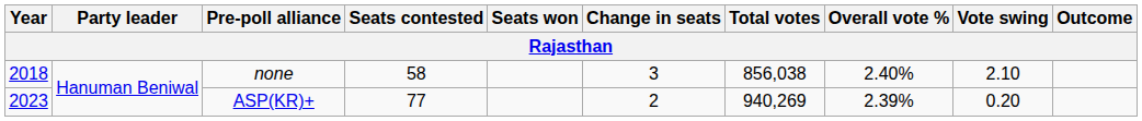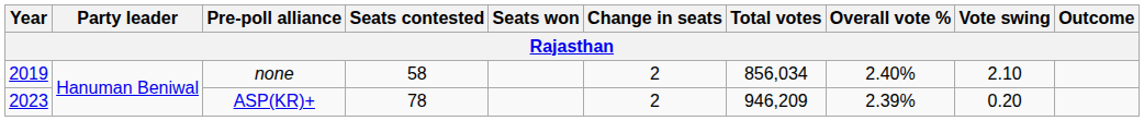 <table class="wikitable " style="text-align:center;">
 <tr>
 <th Style="background-color:">Year</th>
 <th Style="background-color:">Party leader</th>
 <th Style="background-color:">Pre-poll alliance</th>
 <th Style="background-color:">Seats contested</th>
 <th Style="background-color:">Seats won</th>
 <th Style="background-color:">Change in seats</th>
 <th Style="background-color:">Total votes</th>
 <th Style="background-color:">Overall vote %</th>
 <th Style="background-color:">Vote swing</th>
 <th Style="background-color:">Outcome</th>
 </tr>
 <tr>
 <th Colspan=10><a href='#'>Rajasthan</a></th>
 </tr>
 <tr>
-<td><a href='#'>2018</a></td>
+<td><a href='#'>2019</a></td>
 <td Rowspan=2><a href='#'>Hanuman Beniwal</a></td>
 <td><em>none</em></td>
 <td>58</td>
 <td></td>
-<td>3</td>
-<td>856,038</td>
+<td>2</td>
+<td>856,034</td>
 <td>2.40%</td>
 <td>2.10</td>
 <td></td>
 </tr>
 <tr>
 <td><a href='#'>2023</a></td>
 <td><a href='#'>ASP(KR)+</a></td>
-<td>77</td>
+<td>78</td>
 <td></td>
 <td>2</td>
-<td>940,269</td>
+<td>946,209</td>
 <td>2.39%</td>
 <td>0.20</td>
 <td></td>
 </tr>
 <tr>
 </tr>
 </table>
